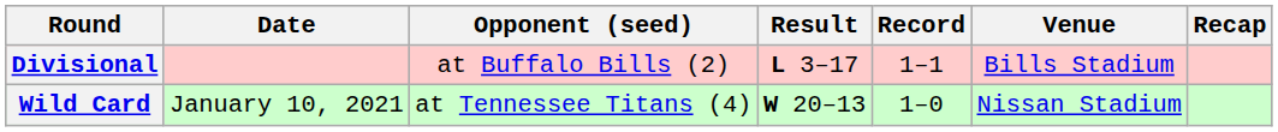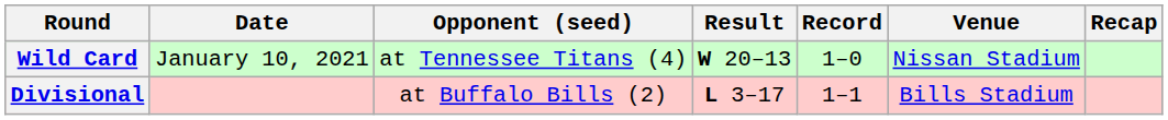 <table class="wikitable" style="text-align:center">
 <tr>
 <th>Round</th>
 <th>Date</th>
 <th>Opponent (seed)</th>
 <th>Result</th>
 <th>Record</th>
 <th>Venue</th>
 <th>Recap</th>
 </tr>
+<tr style="background:#cfc">
+<th><a href='#'>Wild Card</a></th>
+<td>January 10, 2021</td>
+<td>at <a href='#'>Tennessee Titans</a> (4)</td>
+<td><strong>W</strong> 20–13</td>
+<td>1–0</td>
+<td><a href='#'>Nissan Stadium</a></td>
+<td></td>
+</tr>
 <tr style="background:#fcc">
 <th><a href='#'>Divisional</a></th>
 <td></td>
 <td>at <a href='#'>Buffalo Bills</a> (2)</td>
 <td><strong>L</strong> 3–17</td>
 <td>1–1</td>
 <td><a href='#'>Bills Stadium</a></td>
 <td></td>
 </tr>
-<tr style="background:#cfc">
-<th><a href='#'>Wild Card</a></th>
-<td>January 10, 2021</td>
-<td>at <a href='#'>Tennessee Titans</a> (4)</td>
-<td><strong>W</strong> 20–13</td>
-<td>1–0</td>
-<td><a href='#'>Nissan Stadium</a></td>
-<td></td>
-</tr>
 </table>
